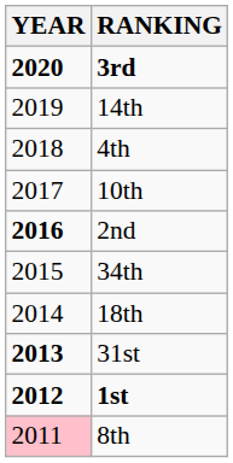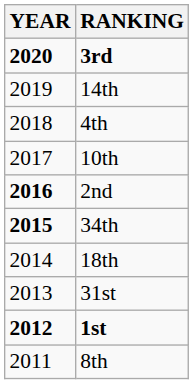 <table class="wikitable">
 <tr>
 <th>YEAR</th>
 <th>RANKING</th>
 </tr>
 <tr>
 <td><strong>2020</strong></td>
 <td><strong>3rd</strong></td>
 </tr>
 <tr>
 <td>2019</td>
 <td>14th</td>
 </tr>
 <tr>
 <td>2018</td>
 <td>4th</td>
 </tr>
 <tr>
 <td>2017</td>
 <td>10th</td>
 </tr>
 <tr>
 <td><strong>2016</strong></td>
 <td>2nd</td>
 </tr>
 <tr>
-<td>2015</td>
+<td><strong>2015</strong></td>
 <td>34th</td>
 </tr>
 <tr>
 <td>2014</td>
 <td>18th</td>
 </tr>
 <tr>
-<td><strong>2013</strong></td>
+<td>2013</td>
 <td>31st</td>
 </tr>
 <tr>
 <td><strong>2012</strong></td>
 <td><strong>1st</strong></td>
 </tr>
 <tr>
-<td style="background: pink;">2011</td>
+<td>2011</td>
 <td>8th</td>
 </tr>
 </table>
